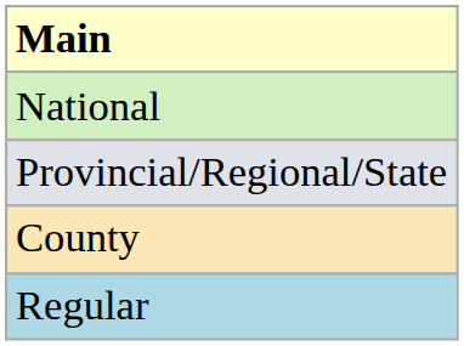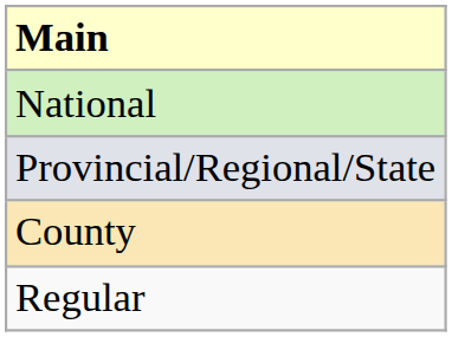 <table class="wikitable">
 <tr style="background:#ffc;">
 <td><strong>Main</strong></td>
 </tr>
 <tr style="background:#d0f0c0">
 <td>National</td>
 </tr>
 <tr style="background:#dfe2e9">
 <td>Provincial/Regional/State</td>
 </tr>
 <tr style="background:#fae7b5">
 <td>County</td>
 </tr>
 <tr>
-<td style="background: lightblue;">Regular</td>
+<td>Regular</td>
 </tr>
 </table>
